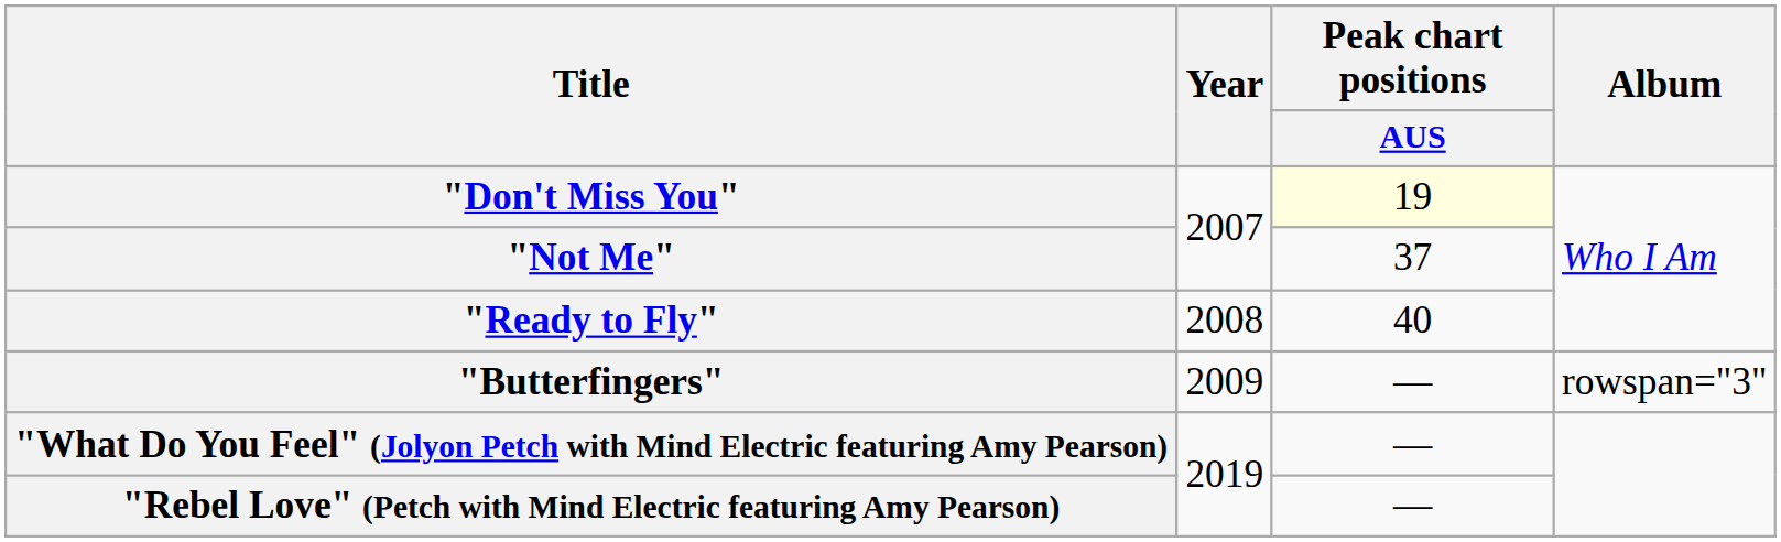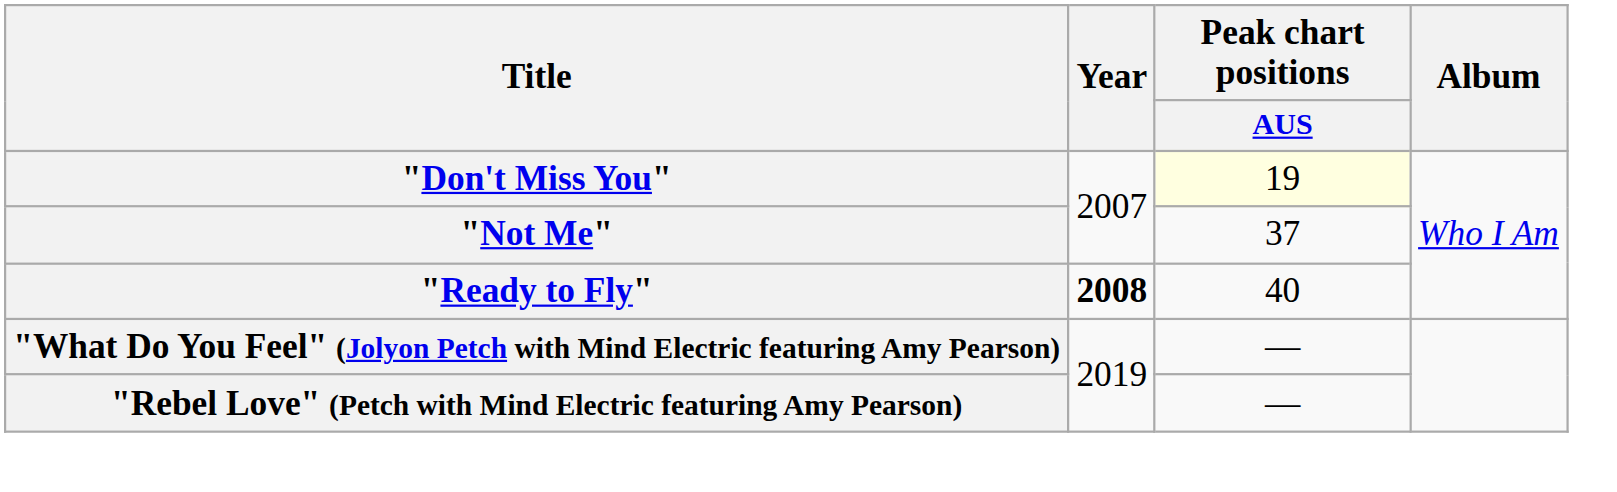 <table class="wikitable plainrowheaders" style="text-align:center">
 <tr>
 <th scope="col" rowspan="2">Title</th>
 <th scope="col" rowspan="2">Year</th>
 <th colspan="1">Peak chart positions</th>
 <th scope="col" rowspan="2">Album</th>
 </tr>
 <tr>
 <th style="width:8em;font-size:85%"><a href='#'>AUS</a><br></th>
 </tr>
 <tr>
 <th scope="row">"<a href='#'>Don't Miss You</a>"</th>
 <td rowspan="2">2007</td>
 <td style="background: lightyellow;">19</td>
 <td style="text-align:left;" rowspan="3"><em><a href='#'>Who I Am</a></em></td>
 </tr>
 <tr>
 <th scope="row">"<a href='#'>Not Me</a>"</th>
 <td>37</td>
 </tr>
 <tr>
 <th scope="row">"<a href='#'>Ready to Fly</a>"</th>
-<td>2008</td>
+<td><strong>2008</strong></td>
 <td>40</td>
-</tr>
-<tr>
-<th scope="row">"Butterfingers"</th>
-<td>2009</td>
-<td>—</td>
-<td>rowspan="3" </td>
 </tr>
 <tr>
 <th scope="row">"What Do You Feel" <small>(<a href='#'>Jolyon Petch</a> with Mind Electric featuring Amy Pearson)</small></th>
 <td rowspan="2">2019</td>
 <td>—</td>
 </tr>
 <tr>
 <th scope="row">"Rebel Love" <small>(Petch with Mind Electric featuring Amy Pearson)</small></th>
 <td>—</td>
 </tr>
 </table>
